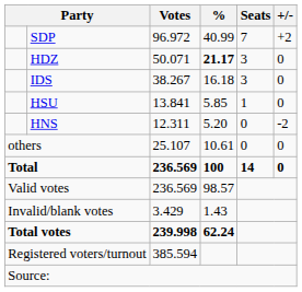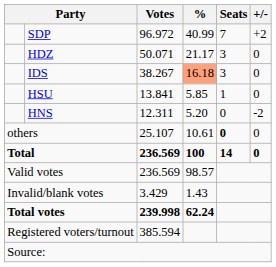 <table class="wikitable" style="text-align: left;">
 <tr>
 <th colspan="2">Party</th>
 <th>Votes</th>
 <th>%</th>
 <th>Seats</th>
 <th>+/-</th>
 </tr>
 <tr>
 <td style="background-color: "></td>
 <td><a href='#'>SDP</a></td>
 <td>96.972</td>
 <td>40.99</td>
 <td>7</td>
 <td>+2</td>
 </tr>
 <tr>
 <td style="background-color: "></td>
 <td><a href='#'>HDZ</a></td>
 <td>50.071</td>
-<td><strong>21.17</strong></td>
+<td>21.17</td>
 <td>3</td>
 <td>0</td>
 </tr>
 <tr>
 <td style="background-color: "></td>
 <td><a href='#'>IDS</a></td>
 <td>38.267</td>
-<td>16.18</td>
+<td style="background: lightsalmon;">16.18</td>
 <td>3</td>
 <td>0</td>
 </tr>
 <tr>
 <td style="background-color: "></td>
 <td><a href='#'>HSU</a></td>
 <td>13.841</td>
 <td>5.85</td>
 <td>1</td>
 <td>0</td>
 </tr>
 <tr>
 <td style="background-color: "></td>
 <td><a href='#'>HNS</a></td>
 <td>12.311</td>
 <td>5.20</td>
 <td>0</td>
 <td>-2</td>
 </tr>
 <tr>
 <td colspan="2">others</td>
 <td>25.107</td>
 <td>10.61</td>
-<td>0</td>
+<td><strong>0</strong></td>
 <td>0</td>
 </tr>
 <tr>
 <td colspan="2"><strong>Total</strong></td>
 <td><strong>236.569</strong></td>
 <td><strong>100</strong></td>
 <td><strong>14</strong></td>
 <td><strong>0</strong></td>
 </tr>
 <tr>
 <td colspan="2">Valid votes</td>
 <td>236.569</td>
 <td>98.57</td>
 <td colspan="2"></td>
 </tr>
 <tr>
 <td colspan="2">Invalid/blank votes</td>
 <td>3.429</td>
 <td>1.43</td>
 <td colspan="2"></td>
 </tr>
 <tr>
 <td colspan="2"><strong>Total votes</strong></td>
 <td><strong>239.998</strong></td>
 <td><strong>62.24</strong></td>
 <td colspan="2"></td>
 </tr>
 <tr>
 <td colspan="2">Registered voters/turnout</td>
 <td votes14="5343">385.594</td>
 <td></td>
 <td colspan="2"></td>
 </tr>
 <tr>
 <td colspan="6">Source: </td>
 </tr>
 </table>
